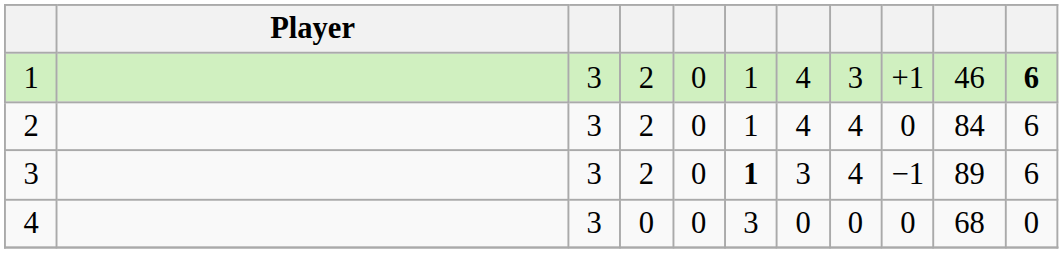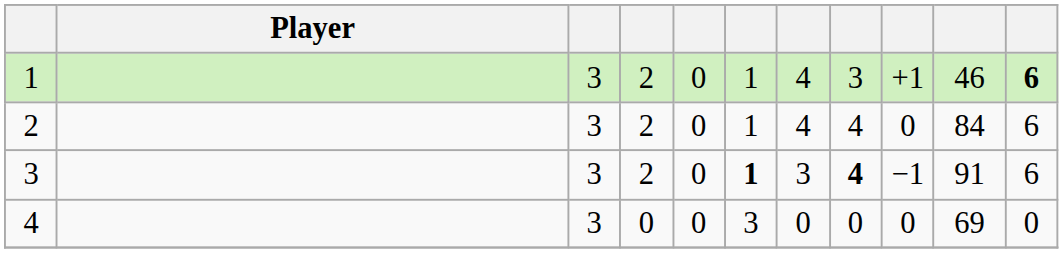 <table class="wikitable" style="text-align:center;">
 <tr>
 <th width=20></th>
 <th width=260>Player</th>
 <th width=20></th>
 <th width=20></th>
 <th width=20></th>
 <th width=20></th>
 <th width=20></th>
 <th width=20></th>
 <th width=20></th>
 <th width=30></th>
 <th width=20></th>
 </tr>
 <tr style="background:#D0F0C0;">
 <td>1</td>
 <td align=left> <small></small></td>
 <td>3</td>
 <td>2</td>
 <td>0</td>
 <td>1</td>
 <td>4</td>
 <td>3</td>
 <td>+1</td>
 <td>46</td>
 <td><strong>6</strong></td>
 </tr>
 <tr>
 <td>2</td>
 <td align=left> <small></small></td>
 <td>3</td>
 <td>2</td>
 <td>0</td>
 <td>1</td>
 <td>4</td>
 <td>4</td>
 <td>0</td>
 <td>84</td>
 <td>6</td>
 </tr>
 <tr>
 <td>3</td>
 <td align=left> <small></small></td>
 <td>3</td>
 <td>2</td>
 <td>0</td>
 <td><strong>1</strong></td>
 <td>3</td>
-<td>4</td>
+<td><strong>4</strong></td>
 <td>−1</td>
-<td>89</td>
+<td>91</td>
 <td>6</td>
 </tr>
 <tr>
 <td>4</td>
 <td align=left> <small></small></td>
 <td>3</td>
 <td>0</td>
 <td>0</td>
 <td>3</td>
 <td>0</td>
 <td>0</td>
 <td>0</td>
-<td>68</td>
+<td>69</td>
 <td>0</td>
 </tr>
 <tr>
 </tr>
 </table>
